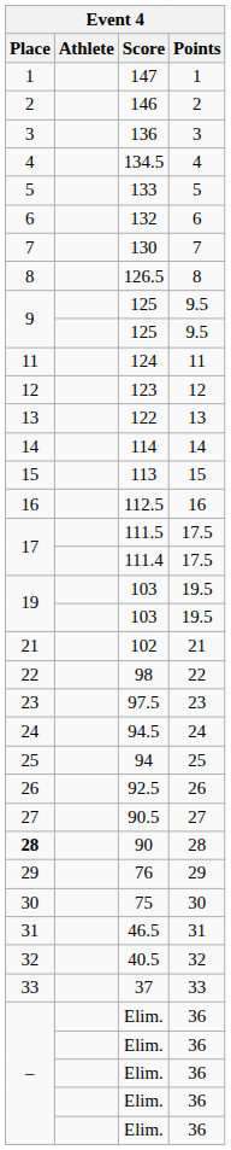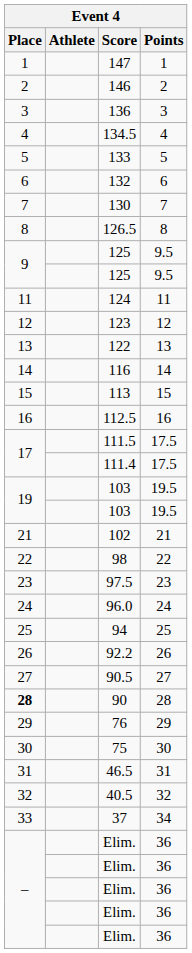 <table class=wikitable style="text-align:center">
 <tr>
 <th colspan=4><strong>Event 4</strong></th>
 </tr>
 <tr>
 <th>Place</th>
 <th>Athlete</th>
 <th>Score</th>
 <th>Points</th>
 </tr>
 <tr>
 <td>1</td>
 <td align=left></td>
 <td>147</td>
 <td>1</td>
 </tr>
 <tr>
 <td>2</td>
 <td align=left></td>
 <td>146</td>
 <td>2</td>
 </tr>
 <tr>
 <td>3</td>
 <td align=left></td>
 <td>136</td>
 <td>3</td>
 </tr>
 <tr>
 <td>4</td>
 <td align=left></td>
 <td>134.5</td>
 <td>4</td>
 </tr>
 <tr>
 <td>5</td>
 <td align=left></td>
 <td>133</td>
 <td>5</td>
 </tr>
 <tr>
 <td>6</td>
 <td align=left></td>
 <td>132</td>
 <td>6</td>
 </tr>
 <tr>
 <td>7</td>
 <td align=left></td>
 <td>130</td>
 <td>7</td>
 </tr>
 <tr>
 <td>8</td>
 <td align=left></td>
 <td>126.5</td>
 <td>8</td>
 </tr>
 <tr>
 <td rowspan=2>9</td>
 <td align=left></td>
 <td>125</td>
 <td>9.5</td>
 </tr>
 <tr>
 <td align=left></td>
 <td>125</td>
 <td>9.5</td>
 </tr>
 <tr>
 <td>11</td>
 <td align=left></td>
 <td>124</td>
 <td>11</td>
 </tr>
 <tr>
 <td>12</td>
 <td align=left></td>
 <td>123</td>
 <td>12</td>
 </tr>
 <tr>
 <td>13</td>
 <td align=left></td>
 <td>122</td>
 <td>13</td>
 </tr>
 <tr>
 <td>14</td>
 <td align=left></td>
-<td>114</td>
+<td>116</td>
 <td>14</td>
 </tr>
 <tr>
 <td>15</td>
 <td align=left></td>
 <td>113</td>
 <td>15</td>
 </tr>
 <tr>
 <td>16</td>
 <td align=left></td>
 <td>112.5</td>
 <td>16</td>
 </tr>
 <tr>
 <td rowspan=2>17</td>
 <td align=left></td>
 <td>111.5</td>
 <td>17.5</td>
 </tr>
 <tr>
 <td align=left></td>
 <td>111.4</td>
 <td>17.5</td>
 </tr>
 <tr>
 <td rowspan=2>19</td>
 <td align=left></td>
 <td>103</td>
 <td>19.5</td>
 </tr>
 <tr>
 <td align=left></td>
 <td>103</td>
 <td>19.5</td>
 </tr>
 <tr>
 <td>21</td>
 <td align=left></td>
 <td>102</td>
 <td>21</td>
 </tr>
 <tr>
 <td>22</td>
 <td align=left></td>
 <td>98</td>
 <td>22</td>
 </tr>
 <tr>
 <td>23</td>
 <td align=left></td>
 <td>97.5</td>
 <td>23</td>
 </tr>
 <tr>
 <td>24</td>
 <td align=left></td>
-<td>94.5</td>
+<td>96.0</td>
 <td>24</td>
 </tr>
 <tr>
 <td>25</td>
 <td align=left></td>
 <td>94</td>
 <td>25</td>
 </tr>
 <tr>
 <td>26</td>
 <td align=left></td>
-<td>92.5</td>
+<td>92.2</td>
 <td>26</td>
 </tr>
 <tr>
 <td>27</td>
 <td align=left></td>
 <td>90.5</td>
 <td>27</td>
 </tr>
 <tr>
 <td><strong>28</strong></td>
 <td align=left></td>
 <td>90</td>
 <td>28</td>
 </tr>
 <tr>
 <td>29</td>
 <td align=left></td>
 <td>76</td>
 <td>29</td>
 </tr>
 <tr>
 <td>30</td>
 <td align=left></td>
 <td>75</td>
 <td>30</td>
 </tr>
 <tr>
 <td>31</td>
 <td align=left></td>
 <td>46.5</td>
 <td>31</td>
 </tr>
 <tr>
 <td>32</td>
 <td align=left></td>
 <td>40.5</td>
 <td>32</td>
 </tr>
 <tr>
 <td>33</td>
 <td align=left></td>
 <td>37</td>
-<td>33</td>
+<td>34</td>
 </tr>
 <tr>
 <td rowspan=5>–</td>
 <td align=left></td>
 <td>Elim.</td>
 <td>36</td>
 </tr>
 <tr>
 <td align=left></td>
 <td>Elim.</td>
 <td>36</td>
 </tr>
 <tr>
 <td align=left></td>
 <td>Elim.</td>
 <td>36</td>
 </tr>
 <tr>
 <td align=left></td>
 <td>Elim.</td>
 <td>36</td>
 </tr>
 <tr>
 <td align=left></td>
 <td>Elim.</td>
 <td>36</td>
 </tr>
 </table>
